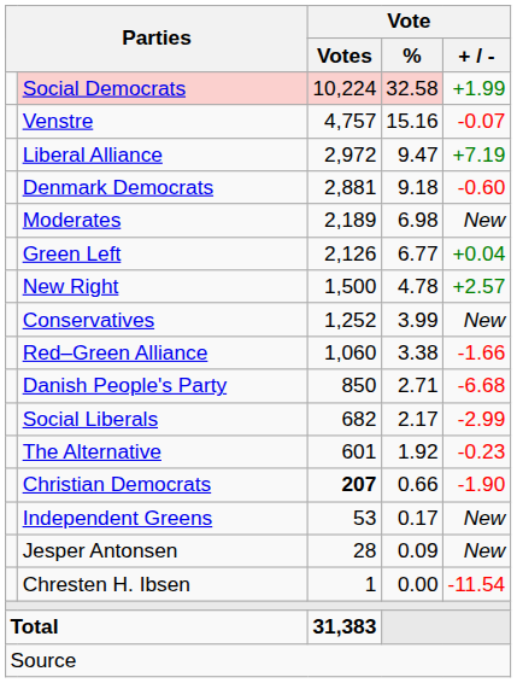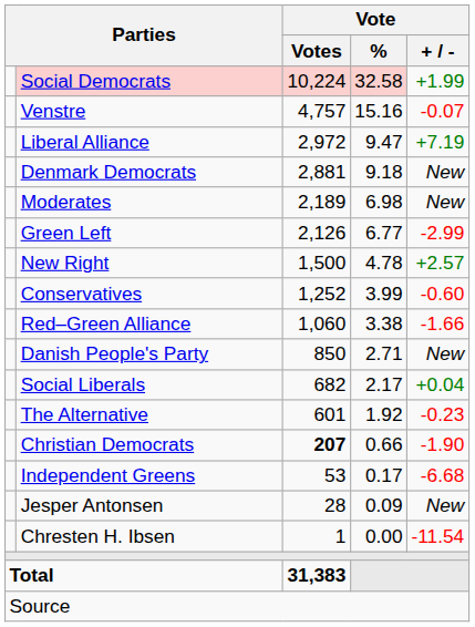 <table class="wikitable" style="text-align:right;">
 <tr>
 <th style="text-align:centre;" rowspan="2" colspan="2" width="225">Parties</th>
 <th colspan="3">Vote</th>
 </tr>
 <tr>
 <th width="15">Votes</th>
 <th width="15">%</th>
 <th width="15">+ / -</th>
 </tr>
 <tr>
 <td width="2" style="color:inherit;background:"></td>
 <td bgcolor=#fbd0ce  align="left"><a href='#'>Social Democrats</a></td>
 <td bgcolor=#fbd0ce>10,224</td>
 <td bgcolor=#fbd0ce>32.58</td>
 <td style=color:green;>+1.99</td>
 </tr>
 <tr>
 <td width="2" style="color:inherit;background:"></td>
 <td align="left"><a href='#'>Venstre</a></td>
 <td>4,757</td>
 <td>15.16</td>
 <td style=color:red;>-0.07</td>
 </tr>
 <tr>
 <td width="2" style="color:inherit;background:"></td>
 <td align="left"><a href='#'>Liberal Alliance</a></td>
 <td>2,972</td>
 <td>9.47</td>
 <td style=color:green;>+7.19</td>
 </tr>
 <tr>
 <td width="2" style="color:inherit;background:"></td>
 <td align="left"><a href='#'>Denmark Democrats</a></td>
 <td>2,881</td>
 <td>9.18</td>
-<td style=color:red;>-0.60</td>
+<td><em>New</em></td>
 </tr>
 <tr>
 <td width="2" style="color:inherit;background:"></td>
 <td align="left"><a href='#'>Moderates</a></td>
 <td>2,189</td>
 <td>6.98</td>
 <td><em>New</em></td>
 </tr>
 <tr>
 <td width="2" style="color:inherit;background:"></td>
 <td align="left"><a href='#'>Green Left</a></td>
 <td>2,126</td>
 <td>6.77</td>
-<td style=color:green;>+0.04</td>
+<td style=color:red;>-2.99</td>
 </tr>
 <tr>
 <td width="2" style="color:inherit;background:"></td>
 <td align="left"><a href='#'>New Right</a></td>
 <td>1,500</td>
 <td>4.78</td>
 <td style=color:green;>+2.57</td>
 </tr>
 <tr>
 <td width="2" style="color:inherit;background:"></td>
 <td align="left"><a href='#'>Conservatives</a></td>
 <td>1,252</td>
 <td>3.99</td>
-<td><em>New</em></td>
+<td style=color:red;>-0.60</td>
 </tr>
 <tr>
 <td width="2" style="color:inherit;background:"></td>
 <td align="left"><a href='#'>Red–Green Alliance</a></td>
 <td>1,060</td>
 <td>3.38</td>
 <td style=color:red;>-1.66</td>
 </tr>
 <tr>
 <td width="2" style="color:inherit;background:"></td>
 <td align="left"><a href='#'>Danish People's Party</a></td>
 <td>850</td>
 <td>2.71</td>
-<td style=color:red;>-6.68</td>
+<td><em>New</em></td>
 </tr>
 <tr>
 <td width="2" style="color:inherit;background:"></td>
 <td align="left"><a href='#'>Social Liberals</a></td>
 <td>682</td>
 <td>2.17</td>
-<td style=color:red;>-2.99</td>
+<td style=color:green;>+0.04</td>
 </tr>
 <tr>
 <td width="2" style="color:inherit;background:"></td>
 <td align="left"><a href='#'>The Alternative</a></td>
 <td>601</td>
 <td>1.92</td>
 <td style=color:red;>-0.23</td>
 </tr>
 <tr>
 <td width="2" style="color:inherit;background:"></td>
 <td align="left"><a href='#'>Christian Democrats</a></td>
 <td><strong>207</strong></td>
 <td>0.66</td>
 <td style=color:red;>-1.90</td>
 </tr>
 <tr>
 <td width="2" style="color:inherit;background:"></td>
 <td align="left"><a href='#'>Independent Greens</a></td>
 <td>53</td>
 <td>0.17</td>
-<td><em>New</em></td>
+<td style=color:red;>-6.68</td>
 </tr>
 <tr>
 <td width="2" style="color:inherit;background:"></td>
 <td align="left">Jesper Antonsen</td>
 <td>28</td>
 <td>0.09</td>
 <td><em>New</em></td>
 </tr>
 <tr>
 <td width="2" style="color:inherit;background:"></td>
 <td align="left">Chresten H. Ibsen</td>
 <td>1</td>
 <td>0.00</td>
 <td style=color:red;>-11.54</td>
 </tr>
 <tr>
 <td colspan="7" bgcolor="#E9E9E9"></td>
 </tr>
 <tr>
 <td align="left" colspan="2"><strong>Total</strong></td>
 <td><strong>31,383</strong></td>
 <td bgcolor="#E9E9E9" colspan="2"></td>
 </tr>
 <tr>
 <td align="left" colspan="6">Source</td>
 </tr>
 </table>
